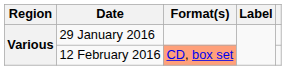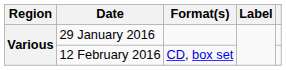 <table class="wikitable plainrowheaders">
 <tr>
 <th scope="col">Region</th>
 <th scope="col">Date</th>
 <th scope="col">Format(s)</th>
 <th scope="col">Label</th>
 <th scope="col"></th>
 </tr>
 <tr>
 <th scope="row" rowspan="2">Various</th>
 <td>29 January 2016</td>
 <td></td>
 <td rowspan="2"></td>
 <td></td>
 </tr>
 <tr>
 <td>12 February 2016</td>
-<td style="background: lightsalmon;"><a href='#'>CD</a>, <a href='#'>box set</a></td>
+<td><a href='#'>CD</a>, <a href='#'>box set</a></td>
 <td></td>
 </tr>
 </table>
